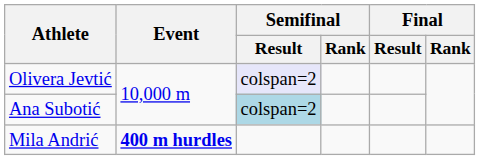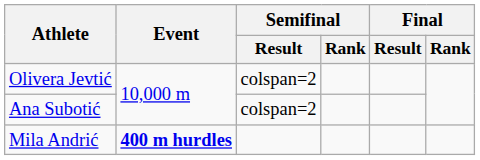 <table class="wikitable" style="font-size:90%">
 <tr>
 <th rowspan="2">Athlete</th>
 <th rowspan="2">Event</th>
 <th colspan="2">Semifinal</th>
 <th colspan="2">Final</th>
 </tr>
 <tr style="font-size:95%">
 <th>Result</th>
 <th>Rank</th>
 <th>Result</th>
 <th>Rank</th>
 </tr>
 <tr align=center>
 <td align=left><a href='#'>Olivera Jevtić</a></td>
 <td align=left rowspan=2><a href='#'>10,000 m</a></td>
-<td style="background: lavender;">colspan=2 </td>
+<td>colspan=2 </td>
 <td></td>
 <td></td>
 </tr>
 <tr align=center>
 <td align=left><a href='#'>Ana Subotić</a></td>
-<td style="background: lightblue;">colspan=2 </td>
+<td>colspan=2 </td>
 <td></td>
 <td></td>
 </tr>
 <tr align=center>
 <td align=left rowspan=2><a href='#'>Mila Andrić</a></td>
 <td align=left><strong><a href='#'>400 m hurdles</a></strong></td>
 <td></td>
 <td></td>
 <td></td>
 <td></td>
 </tr>
 </table>
